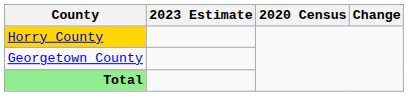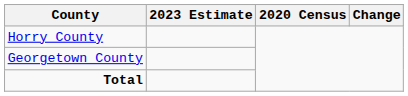 <table class="wikitable sortable">
 <tr>
 <th>County</th>
 <th>2023 Estimate</th>
 <th>2020 Census</th>
 <th>Change</th>
 </tr>
 <tr>
-<td style="background: gold;"><a href='#'>Horry County</a></td>
+<td><a href='#'>Horry County</a></td>
 <td></td>
 </tr>
 <tr>
 <td><a href='#'>Georgetown County</a></td>
 <td></td>
 </tr>
 <tr class=sortbottom>
-<td align=right style="background: lightgreen;"><strong>Total</strong></td>
+<td align=right><strong>Total</strong></td>
 <td></td>
 </tr>
 </table>
